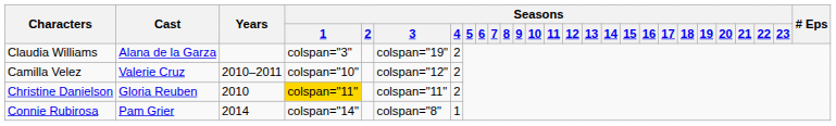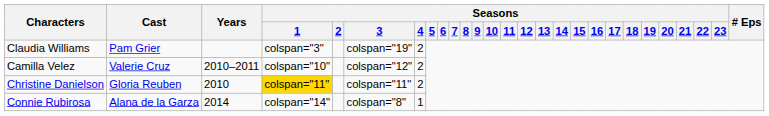 <table class="wikitable">
 <tr>
 <th rowspan="2">Characters</th>
 <th rowspan="2">Cast</th>
 <th rowspan="2">Years</th>
 <th colspan="23">Seasons</th>
 <th rowspan="2"># Eps</th>
 </tr>
 <tr>
 <th><a href='#'>1</a></th>
 <th><a href='#'>2</a></th>
 <th><a href='#'>3</a></th>
 <th><a href='#'>4</a></th>
 <th><a href='#'>5</a></th>
 <th><a href='#'>6</a></th>
 <th><a href='#'>7</a></th>
 <th><a href='#'>8</a></th>
 <th><a href='#'>9</a></th>
 <th><a href='#'>10</a></th>
 <th><a href='#'>11</a></th>
 <th><a href='#'>12</a></th>
 <th><a href='#'>13</a></th>
 <th><a href='#'>14</a></th>
 <th><a href='#'>15</a></th>
 <th><a href='#'>16</a></th>
 <th><a href='#'>17</a></th>
 <th><a href='#'>18</a></th>
 <th><a href='#'>19</a></th>
 <th><a href='#'>20</a></th>
 <th><a href='#'>21</a></th>
 <th><a href='#'>22</a></th>
 <th><a href='#'>23</a></th>
 </tr>
 <tr>
 <td>Claudia Williams</td>
-<td><a href='#'>Alana de la Garza</a></td>
+<td><a href='#'>Pam Grier</a></td>
 <td></td>
 <td>colspan="3" </td>
 <td></td>
 <td>colspan="19" </td>
 <td>2</td>
 </tr>
 <tr>
 <td>Camilla Velez</td>
 <td><a href='#'>Valerie Cruz</a></td>
 <td>2010–2011</td>
 <td>colspan="10" </td>
 <td></td>
 <td>colspan="12" </td>
 <td>2</td>
 </tr>
 <tr>
 <td><a href='#'>Christine Danielson</a></td>
 <td><a href='#'>Gloria Reuben</a></td>
 <td>2010</td>
 <td style="background: gold;">colspan="11" </td>
 <td></td>
 <td>colspan="11" </td>
 <td>2</td>
 </tr>
 <tr>
 <td><a href='#'>Connie Rubirosa</a></td>
-<td><a href='#'>Pam Grier</a></td>
+<td><a href='#'>Alana de la Garza</a></td>
 <td>2014</td>
 <td>colspan="14" </td>
 <td></td>
 <td>colspan="8" </td>
 <td>1</td>
 </tr>
 </table>
